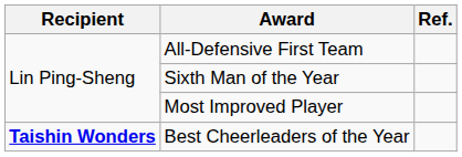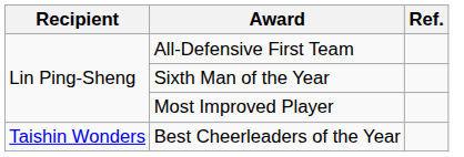 <table class="wikitable">
 <tr>
 <th>Recipient</th>
 <th>Award</th>
 <th>Ref.</th>
 </tr>
 <tr>
 <td rowspan=3>Lin Ping-Sheng</td>
 <td>All-Defensive First Team</td>
 <td></td>
 </tr>
 <tr>
 <td>Sixth Man of the Year</td>
 <td></td>
 </tr>
 <tr>
 <td>Most Improved Player</td>
 <td></td>
 </tr>
 <tr>
-<td><strong><a href='#'>Taishin Wonders</a></strong></td>
+<td><a href='#'>Taishin Wonders</a></td>
 <td>Best Cheerleaders of the Year</td>
 <td></td>
 </tr>
 </table>
